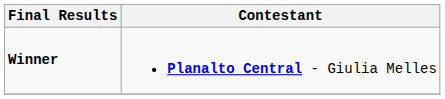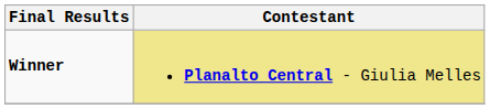 <table class="wikitable">
 <tr>
 <th>Final Results</th>
 <th>Contestant</th>
 </tr>
 <tr>
 <td><strong>Winner</strong></td>
-<td><br><ul><li><strong> <a href='#'>Planalto Central</a></strong> - Giulia Melles</li></ul></td>
+<td style="background: khaki;"><br><ul><li><strong> <a href='#'>Planalto Central</a></strong> - Giulia Melles</li></ul></td>
 </tr>
 <tr>
 </tr>
 </table>
